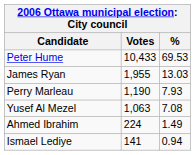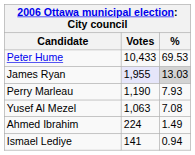 <table class="wikitable">
 <tr>
 <th colspan="3"><a href='#'>2006 Ottawa municipal election</a>: City council</th>
 </tr>
 <tr>
 <th style="width: 170px">Candidate</th>
 <th style="width: 50px">Votes</th>
 <th style="width: 40px">%</th>
 </tr>
 <tr>
 <td><a href='#'>Peter Hume</a></td>
 <td>10,433</td>
 <td>69.53</td>
 </tr>
 <tr>
 <td>James Ryan</td>
-<td>1,955</td>
-<td>13.03</td>
+<td style="background: lavender;">1,955</td>
+<td style="background: lightgrey;">13.03</td>
 </tr>
 <tr>
 <td>Perry Marleau</td>
 <td>1,190</td>
 <td>7.93</td>
 </tr>
 <tr>
 <td>Yusef Al Mezel</td>
 <td>1,063</td>
 <td>7.08</td>
 </tr>
 <tr>
 <td>Ahmed Ibrahim</td>
 <td>224</td>
 <td>1.49</td>
 </tr>
 <tr>
 <td>Ismael Lediye</td>
 <td>141</td>
 <td>0.94</td>
 </tr>
 </table>
